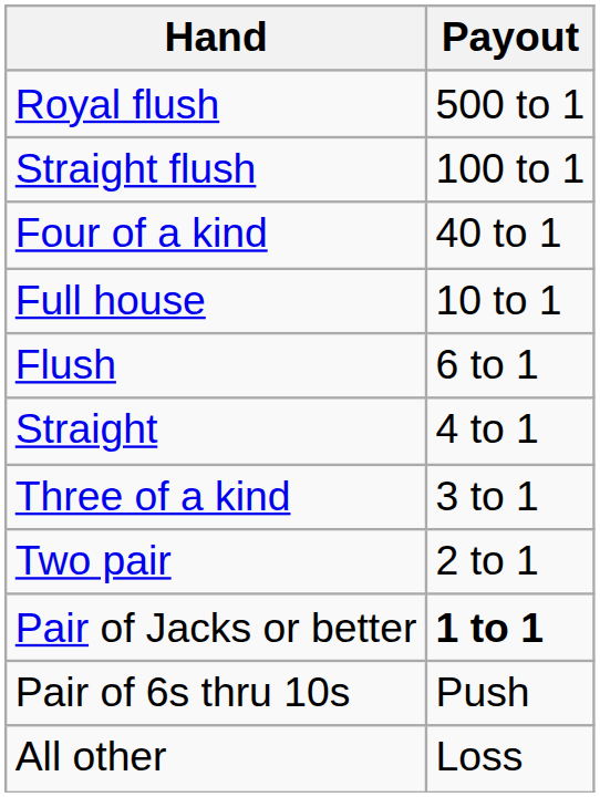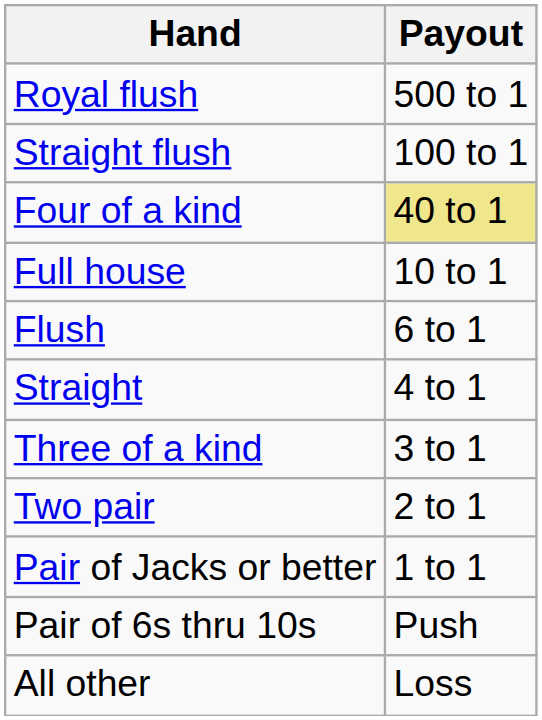 <table class="wikitable">
 <tr>
 <th>Hand</th>
 <th>Payout</th>
 </tr>
 <tr>
 <td><a href='#'>Royal flush</a></td>
 <td>500 to 1</td>
 </tr>
 <tr>
 <td><a href='#'>Straight flush</a></td>
 <td>100 to 1</td>
 </tr>
 <tr>
 <td><a href='#'>Four of a kind</a></td>
-<td>40 to 1</td>
+<td style="background: khaki;">40 to 1</td>
 </tr>
 <tr>
 <td><a href='#'>Full house</a></td>
 <td>10 to 1</td>
 </tr>
 <tr>
 <td><a href='#'>Flush</a></td>
 <td>6 to 1</td>
 </tr>
 <tr>
 <td><a href='#'>Straight</a></td>
 <td>4 to 1</td>
 </tr>
 <tr>
 <td><a href='#'>Three of a kind</a></td>
 <td>3 to 1</td>
 </tr>
 <tr>
 <td><a href='#'>Two pair</a></td>
 <td>2 to 1</td>
 </tr>
 <tr>
 <td><a href='#'>Pair</a> of Jacks or better</td>
-<td><strong>1 to 1</strong></td>
+<td>1 to 1</td>
 </tr>
 <tr>
 <td>Pair of 6s thru 10s</td>
 <td>Push</td>
 </tr>
 <tr>
 <td>All other</td>
 <td>Loss</td>
 </tr>
 </table>
